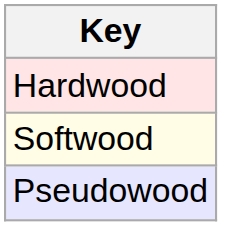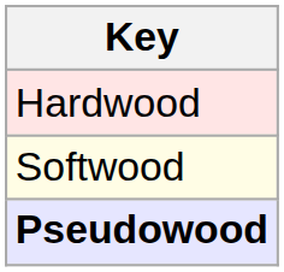 <table class="wikitable"">
 <tr>
 <th>Key</th>
 </tr>
 <tr style="background:#ffe5e5;">
 <td>Hardwood</td>
 </tr>
 <tr style="background:#fffde5;">
 <td>Softwood</td>
 </tr>
 <tr style="background:#e6e6ff;">
-<td>Pseudowood</td>
+<td><strong>Pseudowood</strong></td>
 </tr>
 </table>
